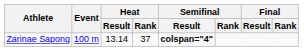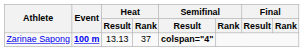 <table class="wikitable" style="font-size:90%">
 <tr>
 <th rowspan="2">Athlete</th>
 <th rowspan="2">Event</th>
 <th colspan="2">Heat</th>
 <th colspan="2">Semifinal</th>
 <th colspan="2">Final</th>
 </tr>
 <tr>
 <th>Result</th>
 <th>Rank</th>
 <th>Result</th>
 <th>Rank</th>
 <th>Result</th>
 <th>Rank</th>
 </tr>
 <tr style=text-align:center>
 <td style=text-align:left><a href='#'>Zarinae Sapong</a></td>
-<td style=text-align:left><a href='#'>100 m</a></td>
-<td>13.14</td>
+<td style=text-align:left><strong><a href='#'>100 m</a></strong></td>
+<td>13.13</td>
 <td>37</td>
 <td><strong>colspan="4" </strong></td>
 </tr>
 </table>
